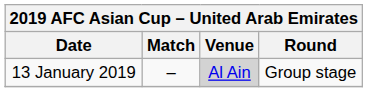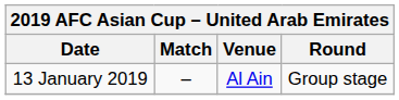 <table class="wikitable" style="margin:1em auto 1em auto; text-align:center; font-size:small;">
 <tr>
 <th colspan="4">2019 AFC Asian Cup – United Arab Emirates</th>
 </tr>
 <tr>
 <th>Date</th>
 <th>Match</th>
 <th>Venue</th>
 <th>Round</th>
 </tr>
 <tr>
 <td>13 January 2019</td>
 <td> – </td>
-<td style="background: lightgrey;"><a href='#'>Al Ain</a></td>
+<td><a href='#'>Al Ain</a></td>
 <td>Group stage</td>
 </tr>
 <tr>
 </tr>
 </table>
